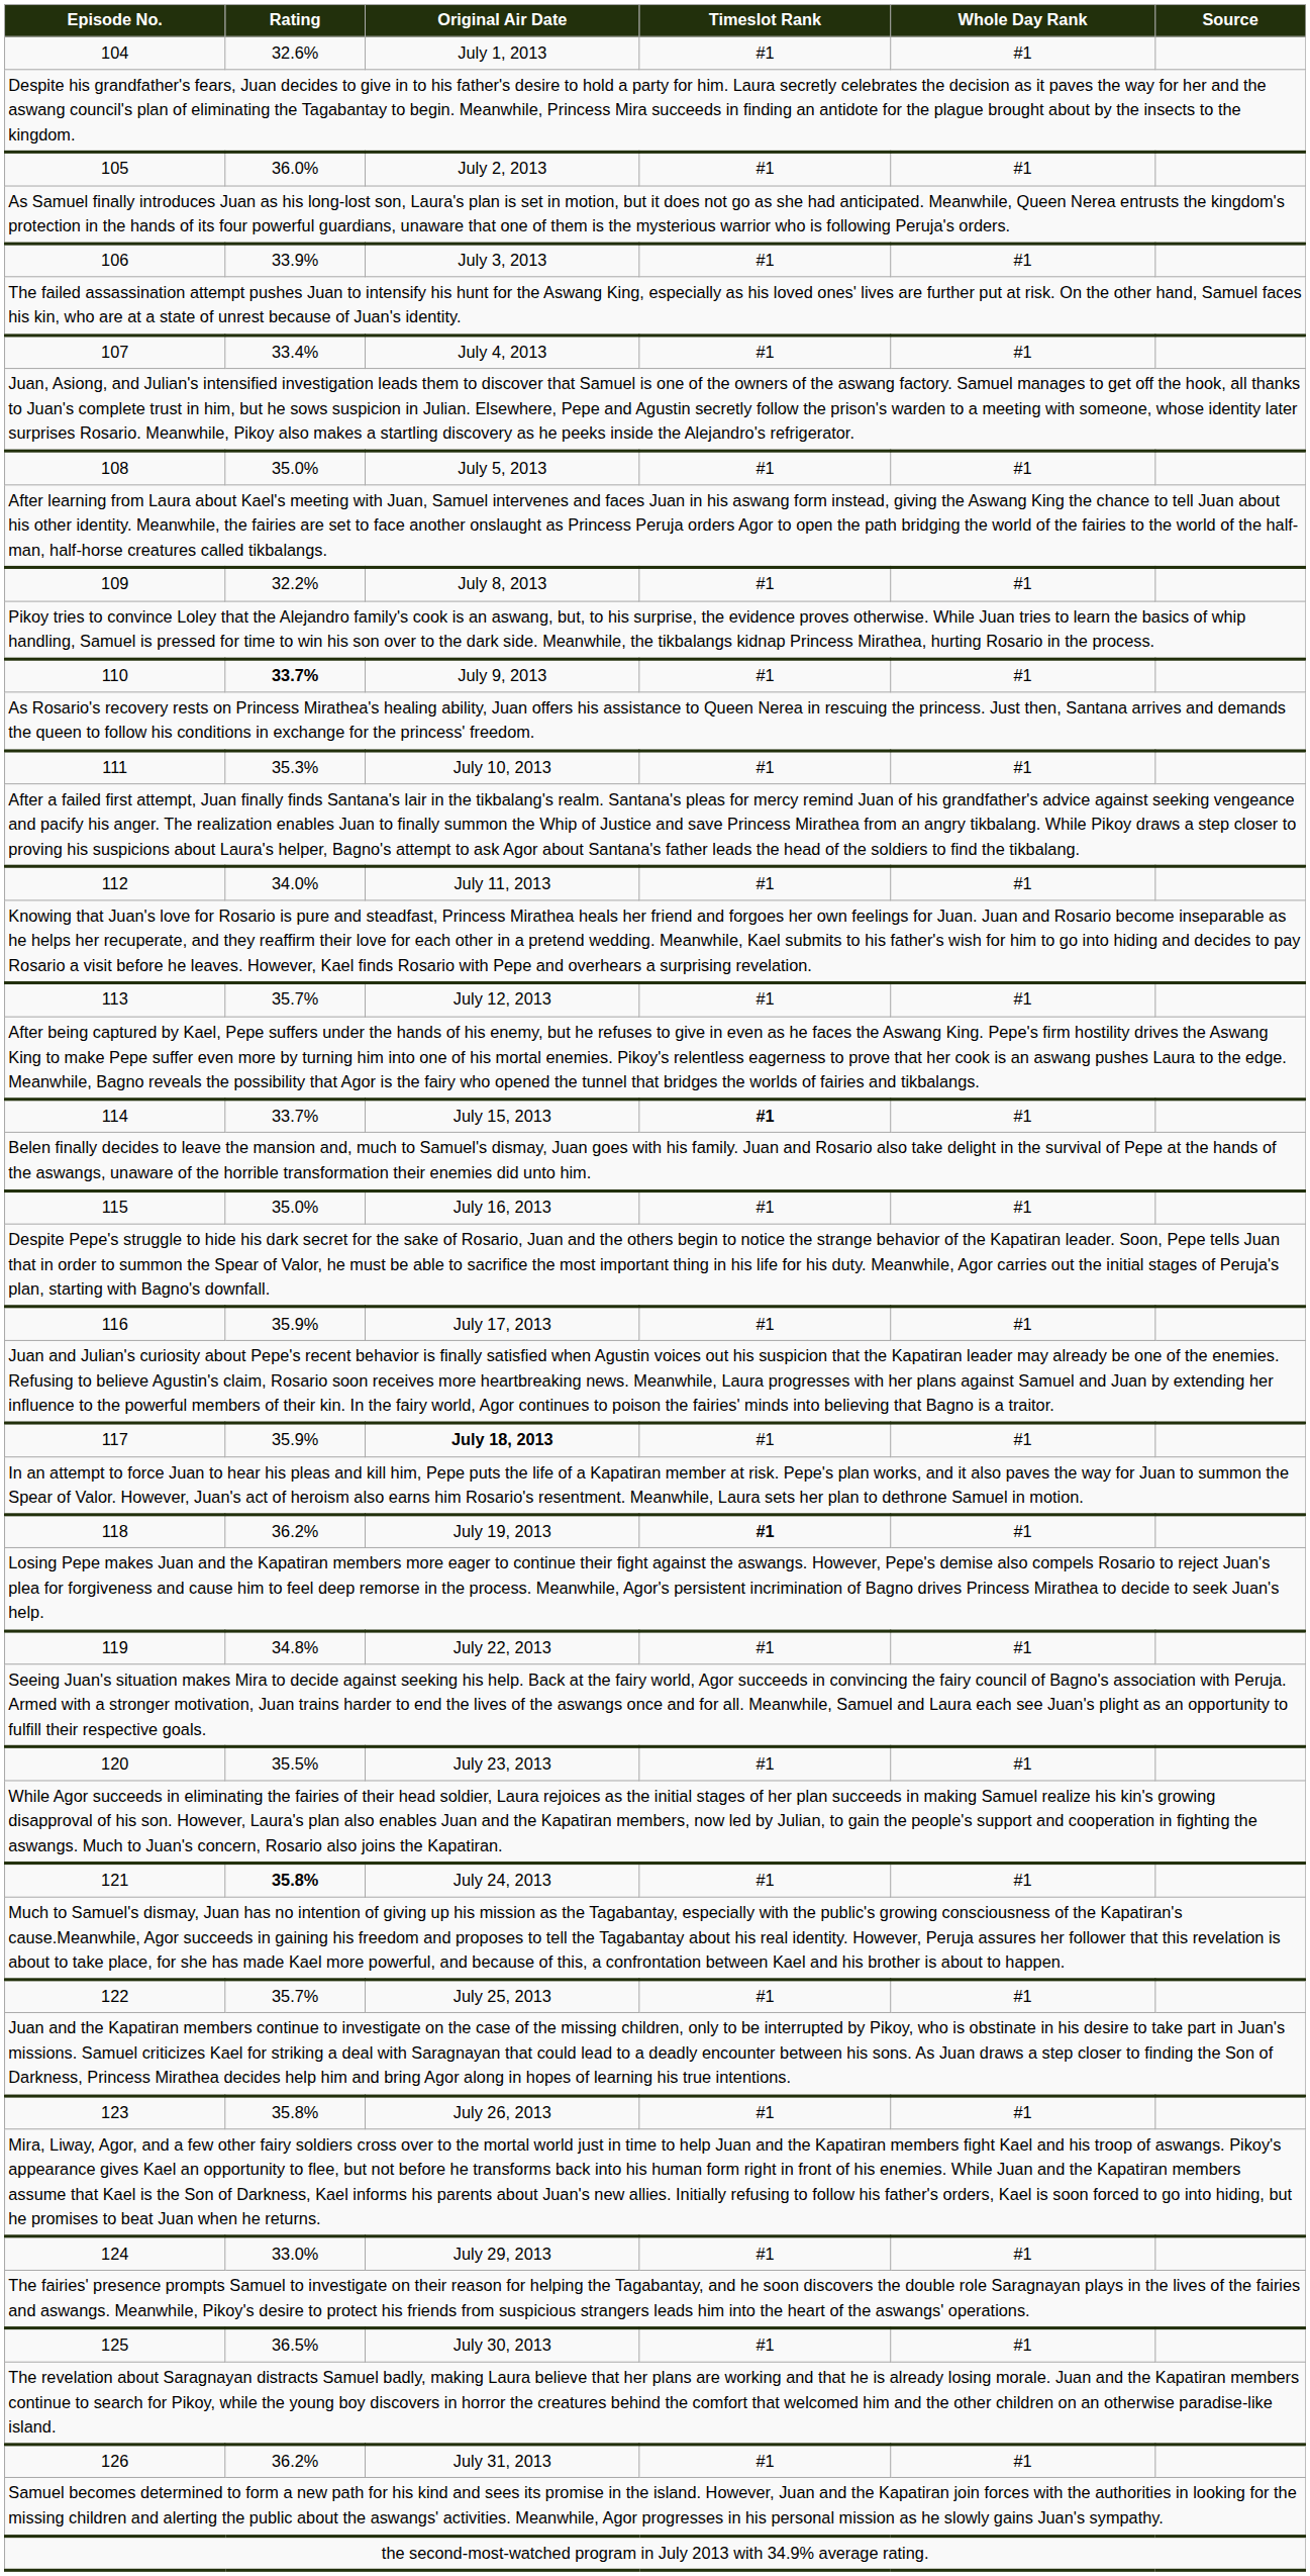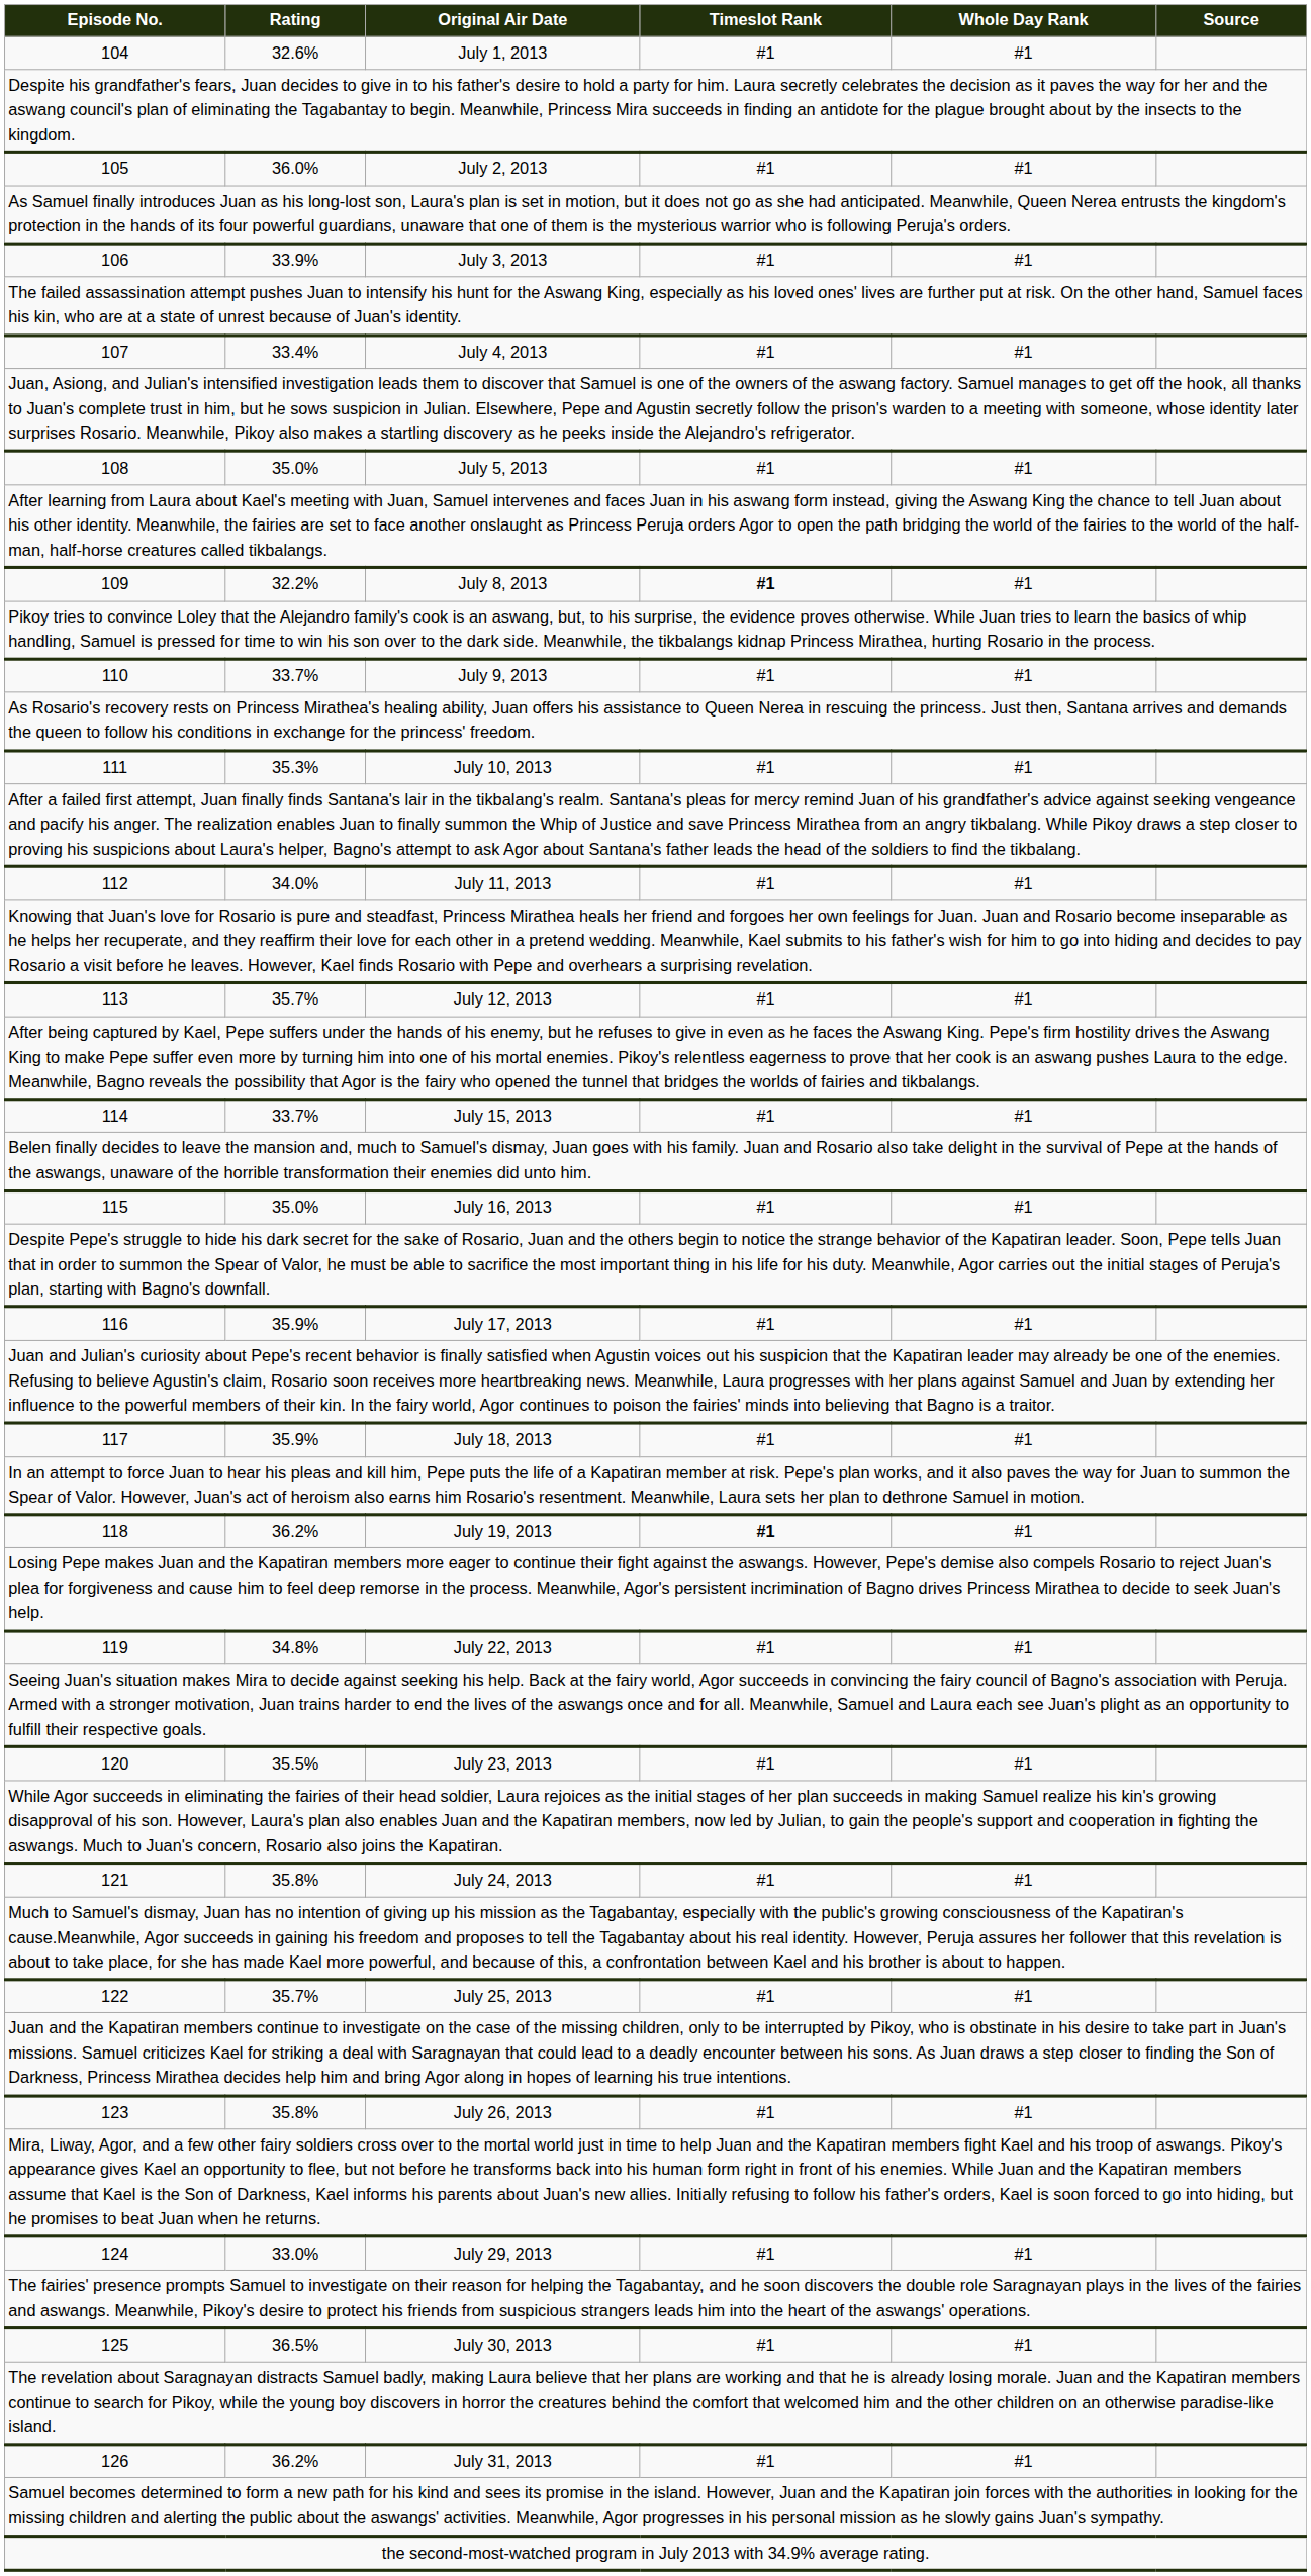 <table class="wikitable" style="text-align:center; background:#f9f9f9; line-height:16px; line-height:150%" width="100%">
 <tr style="color:white;">
 <th style="background:#22300c;">Episode No.</th>
 <th style="background:#22300c;">Rating</th>
 <th style="background:#22300c;">Original Air Date</th>
 <th style="background:#22300c;">Timeslot Rank</th>
 <th style="background:#22300c;">Whole Day Rank</th>
 <th style="background:#22300c;">Source</th>
 </tr>
 <tr>
 <td>104</td>
 <td>32.6%</td>
 <td>July 1, 2013</td>
 <td>#1</td>
 <td>#1</td>
 <td></td>
 </tr>
 <tr>
 <td colspan = "6" style="text-align: left; border-bottom: 3px solid #22300c;">Despite his grandfather's fears, Juan decides to give in to his father's desire to hold a party for him. Laura secretly celebrates the decision as it paves the way for her and the aswang council's plan of eliminating the Tagabantay to begin. Meanwhile, Princess Mira succeeds in finding an antidote for the plague brought about by the insects to the kingdom.</td>
 </tr>
 <tr>
 <td>105</td>
 <td>36.0%</td>
 <td>July 2, 2013</td>
 <td>#1</td>
 <td>#1</td>
 <td></td>
 </tr>
 <tr>
 <td colspan = "6" style="text-align: left; border-bottom: 3px solid #22300c;">As Samuel finally introduces Juan as his long-lost son, Laura's plan is set in motion, but it does not go as she had anticipated. Meanwhile, Queen Nerea entrusts the kingdom's protection in the hands of its four powerful guardians, unaware that one of them is the mysterious warrior who is following Peruja's orders.</td>
 </tr>
 <tr>
 <td>106</td>
 <td>33.9%</td>
 <td>July 3, 2013</td>
 <td>#1</td>
 <td>#1</td>
 <td></td>
 </tr>
 <tr>
 <td colspan = "6" style="text-align: left; border-bottom: 3px solid #22300c;">The failed assassination attempt pushes Juan to intensify his hunt for the Aswang King, especially as his loved ones' lives are further put at risk. On the other hand, Samuel faces his kin, who are at a state of unrest because of Juan's identity.</td>
 </tr>
 <tr>
 <td>107</td>
 <td>33.4%</td>
 <td>July 4, 2013</td>
 <td>#1</td>
 <td>#1</td>
 <td></td>
 </tr>
 <tr>
 <td colspan = "6" style="text-align: left; border-bottom: 3px solid #22300c;">Juan, Asiong, and Julian's intensified investigation leads them to discover that Samuel is one of the owners of the aswang factory. Samuel manages to get off the hook, all thanks to Juan's complete trust in him, but he sows suspicion in Julian. Elsewhere, Pepe and Agustin secretly follow the prison's warden to a meeting with someone, whose identity later surprises Rosario. Meanwhile, Pikoy also makes a startling discovery as he peeks inside the Alejandro's refrigerator.</td>
 </tr>
 <tr>
 <td>108</td>
 <td>35.0%</td>
 <td>July 5, 2013</td>
 <td>#1</td>
 <td>#1</td>
 <td></td>
 </tr>
 <tr>
 <td colspan = "6" style="text-align: left; border-bottom: 3px solid #22300c;">After learning from Laura about Kael's meeting with Juan, Samuel intervenes and faces Juan in his aswang form instead, giving the Aswang King the chance to tell Juan about his other identity. Meanwhile, the fairies are set to face another onslaught as Princess Peruja orders Agor to open the path bridging the world of the fairies to the world of the half-man, half-horse creatures called tikbalangs.</td>
 </tr>
 <tr>
 <td>109</td>
 <td>32.2%</td>
 <td>July 8, 2013</td>
-<td>#1</td>
+<td><strong>#1</strong></td>
 <td>#1</td>
 <td></td>
 </tr>
 <tr>
 <td colspan = "6" style="text-align: left; border-bottom: 3px solid #22300c;">Pikoy tries to convince Loley that the Alejandro family's cook is an aswang, but, to his surprise, the evidence proves otherwise. While Juan tries to learn the basics of whip handling, Samuel is pressed for time to win his son over to the dark side. Meanwhile, the tikbalangs kidnap Princess Mirathea, hurting Rosario in the process.</td>
 </tr>
 <tr>
 <td>110</td>
-<td><strong>33.7%</strong></td>
+<td>33.7%</td>
 <td>July 9, 2013</td>
 <td>#1</td>
 <td>#1</td>
 <td></td>
 </tr>
 <tr>
 <td colspan = "6" style="text-align: left; border-bottom: 3px solid #22300c;">As Rosario's recovery rests on Princess Mirathea's healing ability, Juan offers his assistance to Queen Nerea in rescuing the princess. Just then, Santana arrives and demands the queen to follow his conditions in exchange for the princess' freedom.</td>
 </tr>
 <tr>
 <td>111</td>
 <td>35.3%</td>
 <td>July 10, 2013</td>
 <td>#1</td>
 <td>#1</td>
 <td></td>
 </tr>
 <tr>
 <td colspan = "6" style="text-align: left; border-bottom: 3px solid #22300c;">After a failed first attempt, Juan finally finds Santana's lair in the tikbalang's realm. Santana's pleas for mercy remind Juan of his grandfather's advice against seeking vengeance and pacify his anger. The realization enables Juan to finally summon the Whip of Justice and save Princess Mirathea from an angry tikbalang. While Pikoy draws a step closer to proving his suspicions about Laura's helper, Bagno's attempt to ask Agor about Santana's father leads the head of the soldiers to find the tikbalang.</td>
 </tr>
 <tr>
 <td>112</td>
 <td>34.0%</td>
 <td>July 11, 2013</td>
 <td>#1</td>
 <td>#1</td>
 <td></td>
 </tr>
 <tr>
 <td colspan = "6" style="text-align: left; border-bottom: 3px solid #22300c;">Knowing that Juan's love for Rosario is pure and steadfast, Princess Mirathea heals her friend and forgoes her own feelings for Juan. Juan and Rosario become inseparable as he helps her recuperate, and they reaffirm their love for each other in a pretend wedding. Meanwhile, Kael submits to his father's wish for him to go into hiding and decides to pay Rosario a visit before he leaves. However, Kael finds Rosario with Pepe and overhears a surprising revelation.</td>
 </tr>
 <tr>
 <td>113</td>
 <td>35.7%</td>
 <td>July 12, 2013</td>
 <td>#1</td>
 <td>#1</td>
 <td></td>
 </tr>
 <tr>
 <td colspan = "6" style="text-align: left; border-bottom: 3px solid #22300c;">After being captured by Kael, Pepe suffers under the hands of his enemy, but he refuses to give in even as he faces the Aswang King. Pepe's firm hostility drives the Aswang King to make Pepe suffer even more by turning him into one of his mortal enemies. Pikoy's relentless eagerness to prove that her cook is an aswang pushes Laura to the edge. Meanwhile, Bagno reveals the possibility that Agor is the fairy who opened the tunnel that bridges the worlds of fairies and tikbalangs.</td>
 </tr>
 <tr>
 <td>114</td>
 <td>33.7%</td>
 <td>July 15, 2013</td>
-<td><strong>#1</strong></td>
+<td>#1</td>
 <td>#1</td>
 <td></td>
 </tr>
 <tr>
 <td colspan = "6" style="text-align: left; border-bottom: 3px solid #22300c;">Belen finally decides to leave the mansion and, much to Samuel's dismay, Juan goes with his family. Juan and Rosario also take delight in the survival of Pepe at the hands of the aswangs, unaware of the horrible transformation their enemies did unto him.</td>
 </tr>
 <tr>
 <td>115</td>
 <td>35.0%</td>
 <td>July 16, 2013</td>
 <td>#1</td>
 <td>#1</td>
 <td></td>
 </tr>
 <tr>
 <td colspan = "6" style="text-align: left; border-bottom: 3px solid #22300c;">Despite Pepe's struggle to hide his dark secret for the sake of Rosario, Juan and the others begin to notice the strange behavior of the Kapatiran leader. Soon, Pepe tells Juan that in order to summon the Spear of Valor, he must be able to sacrifice the most important thing in his life for his duty. Meanwhile, Agor carries out the initial stages of Peruja's plan, starting with Bagno's downfall.</td>
 </tr>
 <tr>
 <td>116</td>
 <td>35.9%</td>
 <td>July 17, 2013</td>
 <td>#1</td>
 <td>#1</td>
 <td></td>
 </tr>
 <tr>
 <td colspan = "6" style="text-align: left; border-bottom: 3px solid #22300c;">Juan and Julian's curiosity about Pepe's recent behavior is finally satisfied when Agustin voices out his suspicion that the Kapatiran leader may already be one of the enemies. Refusing to believe Agustin's claim, Rosario soon receives more heartbreaking news. Meanwhile, Laura progresses with her plans against Samuel and Juan by extending her influence to the powerful members of their kin. In the fairy world, Agor continues to poison the fairies' minds into believing that Bagno is a traitor.</td>
 </tr>
 <tr>
 <td>117</td>
 <td>35.9%</td>
-<td><strong>July 18, 2013</strong></td>
+<td>July 18, 2013</td>
 <td>#1</td>
 <td>#1</td>
 <td></td>
 </tr>
 <tr>
 <td colspan = "6" style="text-align: left; border-bottom: 3px solid #22300c;">In an attempt to force Juan to hear his pleas and kill him, Pepe puts the life of a Kapatiran member at risk. Pepe's plan works, and it also paves the way for Juan to summon the Spear of Valor. However, Juan's act of heroism also earns him Rosario's resentment. Meanwhile, Laura sets her plan to dethrone Samuel in motion.</td>
 </tr>
 <tr>
 <td>118</td>
 <td>36.2%</td>
 <td>July 19, 2013</td>
 <td><strong>#1</strong></td>
 <td>#1</td>
 <td></td>
 </tr>
 <tr>
 <td colspan = "6" style="text-align: left; border-bottom: 3px solid #22300c;">Losing Pepe makes Juan and the Kapatiran members more eager to continue their fight against the aswangs. However, Pepe's demise also compels Rosario to reject Juan's plea for forgiveness and cause him to feel deep remorse in the process. Meanwhile, Agor's persistent incrimination of Bagno drives Princess Mirathea to decide to seek Juan's help.</td>
 </tr>
 <tr>
 <td>119</td>
 <td>34.8%</td>
 <td>July 22, 2013</td>
 <td>#1</td>
 <td>#1</td>
 <td></td>
 </tr>
 <tr>
 <td colspan = "6" style="text-align: left; border-bottom: 3px solid #22300c;">Seeing Juan's situation makes Mira to decide against seeking his help. Back at the fairy world, Agor succeeds in convincing the fairy council of Bagno's association with Peruja. Armed with a stronger motivation, Juan trains harder to end the lives of the aswangs once and for all. Meanwhile, Samuel and Laura each see Juan's plight as an opportunity to fulfill their respective goals.</td>
 </tr>
 <tr>
 <td>120</td>
 <td>35.5%</td>
 <td>July 23, 2013</td>
 <td>#1</td>
 <td>#1</td>
 <td></td>
 </tr>
 <tr>
 <td colspan = "6" style="text-align: left; border-bottom: 3px solid #22300c;">While Agor succeeds in eliminating the fairies of their head soldier, Laura rejoices as the initial stages of her plan succeeds in making Samuel realize his kin's growing disapproval of his son. However, Laura's plan also enables Juan and the Kapatiran members, now led by Julian, to gain the people's support and cooperation in fighting the aswangs. Much to Juan's concern, Rosario also joins the Kapatiran.</td>
 </tr>
 <tr>
 <td>121</td>
-<td><strong>35.8%</strong></td>
+<td>35.8%</td>
 <td>July 24, 2013</td>
 <td>#1</td>
 <td>#1</td>
 <td></td>
 </tr>
 <tr>
 <td colspan = "6" style="text-align: left; border-bottom: 3px solid #22300c;">Much to Samuel's dismay, Juan has no intention of giving up his mission as the Tagabantay, especially with the public's growing consciousness of the Kapatiran's cause.Meanwhile, Agor succeeds in gaining his freedom and proposes to tell the Tagabantay about his real identity. However, Peruja assures her follower that this revelation is about to take place, for she has made Kael more powerful, and because of this, a confrontation between Kael and his brother is about to happen.</td>
 </tr>
 <tr>
 <td>122</td>
 <td>35.7%</td>
 <td>July 25, 2013</td>
 <td>#1</td>
 <td>#1</td>
 <td></td>
 </tr>
 <tr>
 <td colspan = "6" style="text-align: left; border-bottom: 3px solid #22300c;">Juan and the Kapatiran members continue to investigate on the case of the missing children, only to be interrupted by Pikoy, who is obstinate in his desire to take part in Juan's missions. Samuel criticizes Kael for striking a deal with Saragnayan that could lead to a deadly encounter between his sons. As Juan draws a step closer to finding the Son of Darkness, Princess Mirathea decides help him and bring Agor along in hopes of learning his true intentions.</td>
 </tr>
 <tr>
 <td>123</td>
 <td>35.8%</td>
 <td>July 26, 2013</td>
 <td>#1</td>
 <td>#1</td>
 <td></td>
 </tr>
 <tr>
 <td colspan = "6" style="text-align: left; border-bottom: 3px solid #22300c;">Mira, Liway, Agor, and a few other fairy soldiers cross over to the mortal world just in time to help Juan and the Kapatiran members fight Kael and his troop of aswangs. Pikoy's appearance gives Kael an opportunity to flee, but not before he transforms back into his human form right in front of his enemies. While Juan and the Kapatiran members assume that Kael is the Son of Darkness, Kael informs his parents about Juan's new allies. Initially refusing to follow his father's orders, Kael is soon forced to go into hiding, but he promises to beat Juan when he returns.</td>
 </tr>
 <tr>
 <td>124</td>
 <td>33.0%</td>
 <td>July 29, 2013</td>
 <td>#1</td>
 <td>#1</td>
 <td></td>
 </tr>
 <tr>
 <td colspan = "6" style="text-align: left; border-bottom: 3px solid #22300c;">The fairies' presence prompts Samuel to investigate on their reason for helping the Tagabantay, and he soon discovers the double role Saragnayan plays in the lives of the fairies and aswangs. Meanwhile, Pikoy's desire to protect his friends from suspicious strangers leads him into the heart of the aswangs' operations.</td>
 </tr>
 <tr>
 <td>125</td>
 <td>36.5%</td>
 <td>July 30, 2013</td>
 <td>#1</td>
 <td>#1</td>
 <td></td>
 </tr>
 <tr>
 <td colspan = "6" style="text-align: left; border-bottom: 3px solid #22300c;">The revelation about Saragnayan distracts Samuel badly, making Laura believe that her plans are working and that he is already losing morale. Juan and the Kapatiran members continue to search for Pikoy, while the young boy discovers in horror the creatures behind the comfort that welcomed him and the other children on an otherwise paradise-like island.</td>
 </tr>
 <tr>
 <td>126</td>
 <td>36.2%</td>
 <td>July 31, 2013</td>
 <td>#1</td>
 <td>#1</td>
 <td></td>
 </tr>
 <tr>
 <td colspan = "6" style="text-align: left; border-bottom: 3px solid #22300c;">Samuel becomes determined to form a new path for his kind and sees its promise in the island. However, Juan and the Kapatiran join forces with the authorities in looking for the missing children and alerting the public about the aswangs' activities. Meanwhile, Agor progresses in his personal mission as he slowly gains Juan's sympathy.</td>
 </tr>
 <tr>
 <td colspan = "6" style="text-align: center; border-bottom: 3px solid #22300c;">the second-most-watched program in July 2013 with 34.9% average rating.</td>
 </tr>
 </table>
